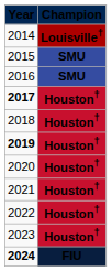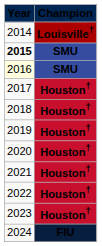 <table class="wikitable" style="text-align: center;">
 <tr>
 <th style="background:#002654;"><span>Year</span></th>
 <th style="background:#002654;"><span>Champion</span></th>
 </tr>
 <tr>
 <td>2014</td>
 <td style="background:#AD0000;"><span><strong>Louisville<sup>†</sup></strong></span></td>
 </tr>
 <tr>
-<td>2015</td>
+<td><strong>2015</strong></td>
 <td style="background:#354ca1;"><span><strong>SMU</strong></span></td>
 </tr>
 <tr>
-<td>2016</td>
+<td style="background: lightyellow;">2016</td>
 <td style="background:#354ca1;"><span><strong>SMU</strong></span></td>
 </tr>
 <tr>
-<td><strong>2017</strong></td>
+<td>2017</td>
 <td style="background:#c8102e;"><span><strong>Houston<sup>†</sup></strong></span></td>
 </tr>
 <tr>
 <td>2018</td>
 <td style="background:#c8102e;"><span><strong>Houston<sup>†</sup></strong></span></td>
 </tr>
 <tr>
-<td><strong>2019</strong></td>
+<td>2019</td>
 <td style="background:#c8102e;"><span><strong>Houston<sup>†</sup></strong></span></td>
 </tr>
 <tr>
 <td>2020</td>
 <td style="background:#c8102e;"><span><strong>Houston<sup>†</sup></strong></span></td>
 </tr>
 <tr>
 <td>2021</td>
 <td style="background:#c8102e;"><span><strong>Houston<sup>†</sup></strong></span></td>
 </tr>
 <tr>
 <td>2022</td>
 <td style="background:#c8102e;"><span><strong>Houston<sup>†</sup></strong></span></td>
 </tr>
 <tr>
 <td>2023</td>
 <td style="background:#c8102e;"><span><strong>Houston<sup>†</sup></strong></span></td>
 </tr>
 <tr>
-<td><strong>2024</strong></td>
+<td>2024</td>
 <td style="background:#081E3F;"><span><strong>FIU</strong></span></td>
 </tr>
 </table>
